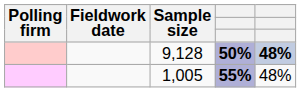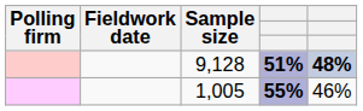 <table class="wikitable sortable" style="text-align:center;font-size:95%;line-height:14px;">
 <tr>
 <th rowspan="3">Polling<br>firm</th>
 <th rowspan="3">Fieldwork<br>date</th>
 <th rowspan="3">Sample<br>size</th>
 <th></th>
 <th></th>
 </tr>
 <tr>
 <th></th>
 <th></th>
 </tr>
 <tr>
 <th style="background:"></th>
 <th style="background:"></th>
 </tr>
 <tr>
 <td style="background:#FFCCCC;"></td>
 <td></td>
 <td>9,128</td>
-<td style="background:#AFAFD7;"><strong>50%</strong></td>
+<td style="background:#AFAFD7;"><strong>51%</strong></td>
 <td style="background:#C1CCE1;"><strong>48%</strong></td>
 </tr>
 <tr>
 <td style="background:#FFCCFF;"></td>
 <td></td>
 <td>1,005</td>
 <td style="background:#AFAFD7;"><strong>55%</strong></td>
-<td>48%</td>
+<td>46%</td>
 </tr>
 </table>
